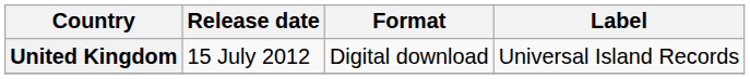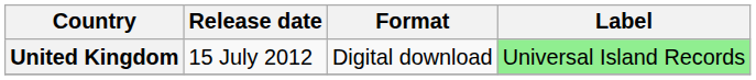 <table class="wikitable plainrowheaders">
 <tr>
 <th scope="col">Country</th>
 <th scope="col">Release date</th>
 <th scope="col">Format</th>
 <th scope="col">Label</th>
 </tr>
 <tr>
 <th scope="row">United Kingdom</th>
 <td>15 July 2012</td>
 <td>Digital download</td>
-<td>Universal Island Records</td>
+<td style="background: lightgreen;">Universal Island Records</td>
 </tr>
 <tr>
 </tr>
 </table>
